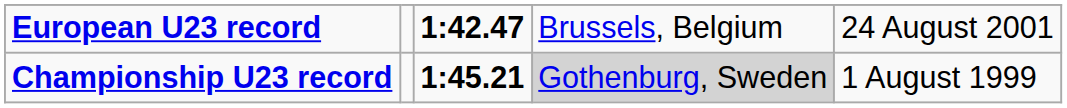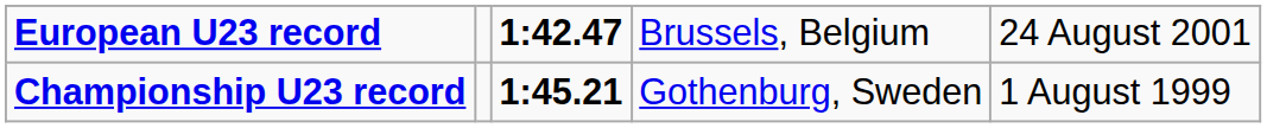 <table class="wikitable">
 <tr>
 <td><strong><a href='#'>European U23 record</a></strong></td>
 <td></td>
 <td><strong>1:42.47</strong></td>
 <td><a href='#'>Brussels</a>, Belgium</td>
 <td>24 August 2001</td>
 </tr>
 <tr>
 <td><strong><a href='#'>Championship U23 record</a></strong></td>
 <td></td>
 <td><strong>1:45.21</strong></td>
-<td style="background: lightgrey;"><a href='#'>Gothenburg</a>, Sweden</td>
+<td><a href='#'>Gothenburg</a>, Sweden</td>
 <td>1 August 1999</td>
 </tr>
 </table>
